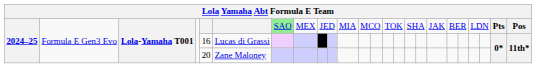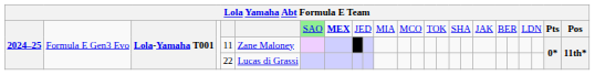 <table class="wikitable" style="font-size: 85%; text-align:center;">
 <tr>
 <th colspan="24"><a href='#'>Lola</a> <a href='#'>Yamaha</a> <a href='#'>Abt</a> Formula E Team</th>
 </tr>
 <tr>
 <th rowspan="3"><a href='#'>2024–25</a></th>
 <td rowspan="3"><a href='#'>Formula E Gen3 Evo</a></td>
 <th rowspan="3"><strong><a href='#'>Lola</a>-<a href='#'>Yamaha</a> T001</strong></th>
 <td rowspan="3"></td>
 <th></th>
 <th></th>
 <td style="background: lightgreen;"><a href='#'>SAO</a></td>
-<td><a href='#'>MEX</a></td>
+<td><strong><a href='#'>MEX</a></strong></td>
 <td colspan="2"><a href='#'>JED</a></td>
 <td><a href='#'>MIA</a></td>
 <td colspan="2"><a href='#'>MCO</a></td>
 <td colspan="2"><a href='#'>TOK</a></td>
 <td colspan="2"><a href='#'>SHA</a></td>
 <td><a href='#'>JAK</a></td>
 <td colspan="2"><a href='#'>BER</a></td>
 <td colspan="2"><a href='#'>LDN</a></td>
 <th>Pts</th>
 <th>Pos</th>
 </tr>
 <tr>
-<td>16</td>
-<td align="left"> <a href='#'>Lucas di Grassi</a></td>
+<td>11</td>
+<td align="left"> <a href='#'>Zane Maloney</a></td>
 <td style="background:#EFCFFF;"><br></td>
 <td style="background:#CFCFFF;"><br></td>
 <td style="background-color:#000000; color:white"></td>
 <td style="background:#CFCFFF;"><br></td>
 <td></td>
 <td></td>
 <td></td>
 <td></td>
 <td></td>
 <td></td>
 <td></td>
 <td></td>
 <td></td>
 <td></td>
 <td></td>
 <td></td>
 <th rowspan="2">0*</th>
 <th rowspan="2">11th*</th>
 </tr>
 <tr>
-<td>20</td>
-<td align="left"> <a href='#'>Zane Maloney</a></td>
+<td>22</td>
+<td align="left"> <a href='#'>Lucas di Grassi</a></td>
 <td style="background:#CFCFFF;"><br></td>
 <td style="background:#CFCFFF;"><br></td>
 <td style="background:#CFCFFF;"><br></td>
 <td style="background:#CFCFFF;"><br></td>
 <td></td>
 <td></td>
 <td></td>
 <td></td>
 <td></td>
 <td></td>
 <td></td>
 <td></td>
 <td></td>
 <td></td>
 <td></td>
 <td></td>
 </tr>
 </table>
